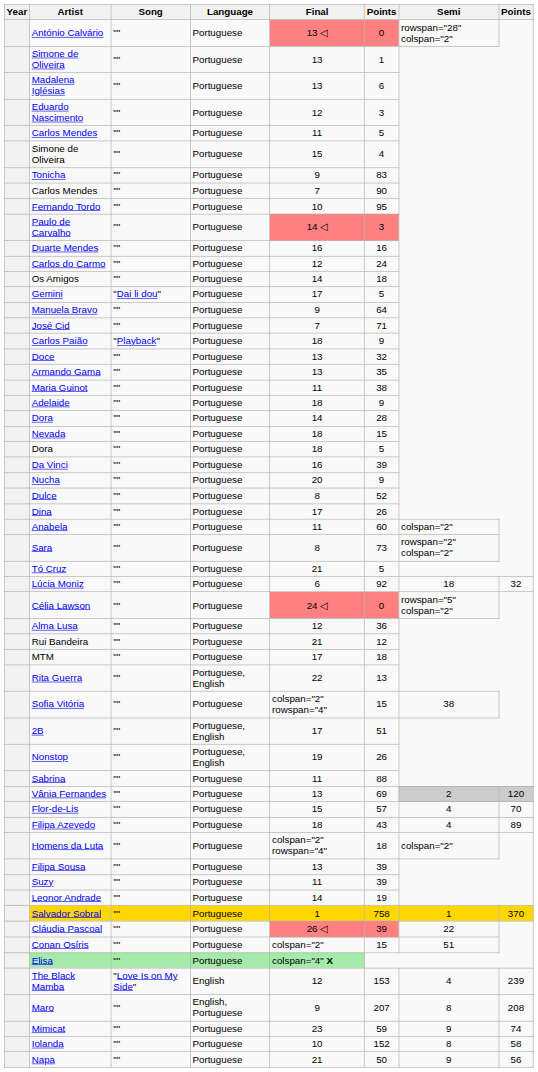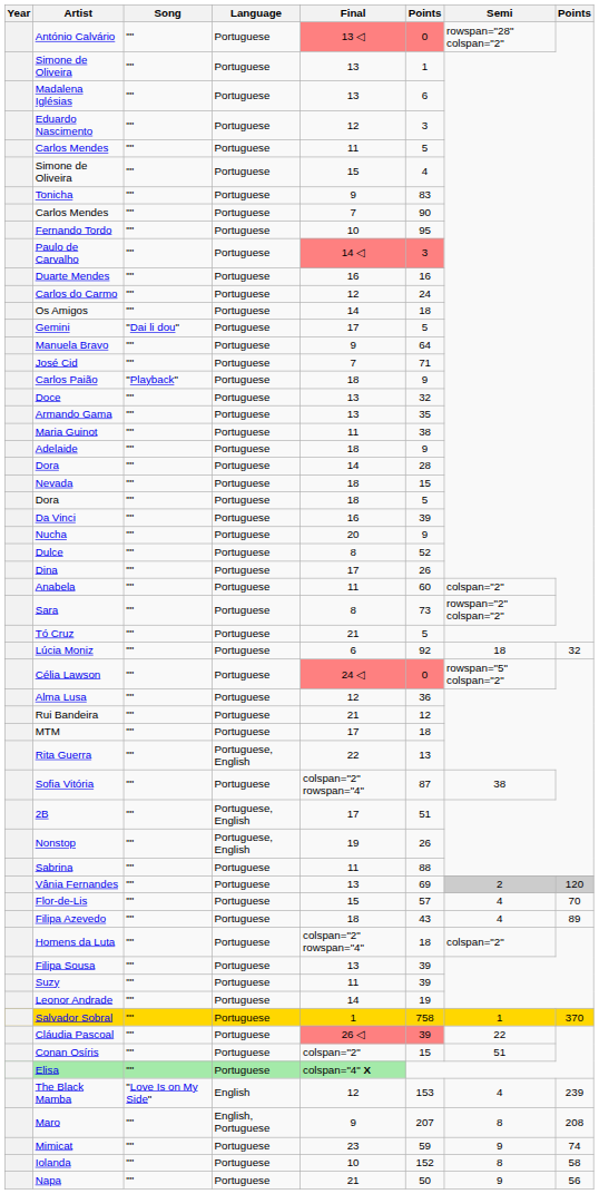 <table class="wikitable sortable plainrowheaders">
 <tr>
 <th scope="col">Year</th>
 <th scope="col">Artist</th>
 <th scope="col">Song</th>
 <th scope="col">Language</th>
 <th scope="col" data-sort-type="number">Final</th>
 <th scope="col" data-sort-type="number">Points</th>
 <th scope="col" data-sort-type="number">Semi</th>
 <th scope="col" data-sort-type="number">Points</th>
 </tr>
 <tr>
 <th scope="row" style="text-align:center;"></th>
 <td><a href='#'>António Calvário</a></td>
 <td>""</td>
 <td>Portuguese</td>
 <td style="text-align:center; background-color:#FE8080;">13 ◁</td>
 <td style="text-align:center; background-color:#FE8080;">0</td>
 <td>rowspan="28" colspan="2" </td>
 </tr>
 <tr>
 <th scope="row" style="text-align:center;"></th>
 <td><a href='#'>Simone de Oliveira</a></td>
 <td>""</td>
 <td>Portuguese</td>
 <td style="text-align:center;">13</td>
 <td style="text-align:center;">1</td>
 </tr>
 <tr>
 <th scope="row" style="text-align:center;"></th>
 <td><a href='#'>Madalena Iglésias</a></td>
 <td>""</td>
 <td>Portuguese</td>
 <td style="text-align:center;">13</td>
 <td style="text-align:center;">6</td>
 </tr>
 <tr>
 <th scope="row" style="text-align:center;"></th>
 <td><a href='#'>Eduardo Nascimento</a></td>
 <td>""</td>
 <td>Portuguese</td>
 <td style="text-align:center;">12</td>
 <td style="text-align:center;">3</td>
 </tr>
 <tr>
 <th scope="row" style="text-align:center;"></th>
 <td><a href='#'>Carlos Mendes</a></td>
 <td>""</td>
 <td>Portuguese</td>
 <td style="text-align:center;">11</td>
 <td style="text-align:center;">5</td>
 </tr>
 <tr>
 <th scope="row" style="text-align:center;"></th>
 <td>Simone de Oliveira</td>
 <td>""</td>
 <td>Portuguese</td>
 <td style="text-align:center;">15</td>
 <td style="text-align:center;">4</td>
 </tr>
 <tr>
 <th scope="row" style="text-align:center;"></th>
 <td><a href='#'>Tonicha</a></td>
 <td>""</td>
 <td>Portuguese</td>
 <td style="text-align:center;">9</td>
 <td style="text-align:center;">83</td>
 </tr>
 <tr>
 <th scope="row" style="text-align:center;"></th>
 <td>Carlos Mendes</td>
 <td>""</td>
 <td>Portuguese</td>
 <td style="text-align:center;">7</td>
 <td style="text-align:center;">90</td>
 </tr>
 <tr>
 <th scope="row" style="text-align:center;"></th>
 <td><a href='#'>Fernando Tordo</a></td>
 <td>""</td>
 <td>Portuguese</td>
 <td style="text-align:center;">10</td>
 <td style="text-align:center;">95</td>
 </tr>
 <tr>
 <th scope="row" style="text-align:center;"></th>
 <td><a href='#'>Paulo de Carvalho</a></td>
 <td>""</td>
 <td>Portuguese</td>
 <td style="text-align:center; background-color:#FE8080;">14 ◁</td>
 <td style="text-align:center; background-color:#FE8080;">3</td>
 </tr>
 <tr>
 <th scope="row" style="text-align:center;"></th>
 <td><a href='#'>Duarte Mendes</a></td>
 <td>""</td>
 <td>Portuguese</td>
 <td style="text-align:center;">16</td>
 <td style="text-align:center;">16</td>
 </tr>
 <tr>
 <th scope="row" style="text-align:center;"></th>
 <td><a href='#'>Carlos do Carmo</a></td>
 <td>""</td>
 <td>Portuguese</td>
 <td style="text-align:center;">12</td>
 <td style="text-align:center;">24</td>
 </tr>
 <tr>
 <th scope="row" style="text-align:center;"></th>
 <td>Os Amigos</td>
 <td>""</td>
 <td>Portuguese</td>
 <td style="text-align:center;">14</td>
 <td style="text-align:center;">18</td>
 </tr>
 <tr>
 <th scope="row" style="text-align:center;"></th>
 <td><a href='#'>Gemini</a></td>
 <td>"<a href='#'>Dai li dou</a>"</td>
 <td>Portuguese</td>
 <td style="text-align:center;">17</td>
 <td style="text-align:center;">5</td>
 </tr>
 <tr>
 <th scope="row" style="text-align:center;"></th>
 <td><a href='#'>Manuela Bravo</a></td>
 <td>""</td>
 <td>Portuguese</td>
 <td style="text-align:center;">9</td>
 <td style="text-align:center;">64</td>
 </tr>
 <tr>
 <th scope="row" style="text-align:center;"></th>
 <td><a href='#'>José Cid</a></td>
 <td>""</td>
 <td>Portuguese</td>
 <td style="text-align:center;">7</td>
 <td style="text-align:center;">71</td>
 </tr>
 <tr>
 <th scope="row" style="text-align:center;"></th>
 <td><a href='#'>Carlos Paião</a></td>
 <td>"<a href='#'>Playback</a>"</td>
 <td>Portuguese</td>
 <td style="text-align:center;">18</td>
 <td style="text-align:center;">9</td>
 </tr>
 <tr>
 <th scope="row" style="text-align:center;"></th>
 <td><a href='#'>Doce</a></td>
 <td>""</td>
 <td>Portuguese</td>
 <td style="text-align:center;">13</td>
 <td style="text-align:center;">32</td>
 </tr>
 <tr>
 <th scope="row" style="text-align:center;"></th>
 <td><a href='#'>Armando Gama</a></td>
 <td>""</td>
 <td>Portuguese</td>
 <td style="text-align:center;">13</td>
 <td style="text-align:center;">35</td>
 </tr>
 <tr>
 <th scope="row" style="text-align:center;"></th>
 <td><a href='#'>Maria Guinot</a></td>
 <td>""</td>
 <td>Portuguese</td>
 <td style="text-align:center;">11</td>
 <td style="text-align:center;">38</td>
 </tr>
 <tr>
 <th scope="row" style="text-align:center;"></th>
 <td><a href='#'>Adelaide</a></td>
 <td>""</td>
 <td>Portuguese</td>
 <td style="text-align:center;">18</td>
 <td style="text-align:center;">9</td>
 </tr>
 <tr>
 <th scope="row" style="text-align:center;"></th>
 <td><a href='#'>Dora</a></td>
 <td>""</td>
 <td>Portuguese</td>
 <td style="text-align:center;">14</td>
 <td style="text-align:center;">28</td>
 </tr>
 <tr>
 <th scope="row" style="text-align:center;"></th>
 <td><a href='#'>Nevada</a></td>
 <td>""</td>
 <td>Portuguese</td>
 <td style="text-align:center;">18</td>
 <td style="text-align:center;">15</td>
 </tr>
 <tr>
 <th scope="row" style="text-align:center;"></th>
 <td>Dora</td>
 <td>""</td>
 <td>Portuguese</td>
 <td style="text-align:center;">18</td>
 <td style="text-align:center;">5</td>
 </tr>
 <tr>
 <th scope="row" style="text-align:center;"></th>
 <td><a href='#'>Da Vinci</a></td>
 <td>""</td>
 <td>Portuguese</td>
 <td style="text-align:center;">16</td>
 <td style="text-align:center;">39</td>
 </tr>
 <tr>
 <th scope="row" style="text-align:center;"></th>
 <td><a href='#'>Nucha</a></td>
 <td>""</td>
 <td>Portuguese</td>
 <td style="text-align:center;">20</td>
 <td style="text-align:center;">9</td>
 </tr>
 <tr>
 <th scope="row" style="text-align:center;"></th>
 <td><a href='#'>Dulce</a></td>
 <td>""</td>
 <td>Portuguese</td>
 <td style="text-align:center;">8</td>
 <td style="text-align:center;">52</td>
 </tr>
 <tr>
 <th scope="row" style="text-align:center;"></th>
 <td><a href='#'>Dina</a></td>
 <td>""</td>
 <td>Portuguese</td>
 <td style="text-align:center;">17</td>
 <td style="text-align:center;">26</td>
 </tr>
 <tr>
 <th scope="row" style="text-align:center;"></th>
 <td><a href='#'>Anabela</a></td>
 <td>""</td>
 <td>Portuguese</td>
 <td style="text-align:center;">11</td>
 <td style="text-align:center;">60</td>
 <td>colspan="2" </td>
 </tr>
 <tr>
 <th scope="row" style="text-align:center;"></th>
 <td><a href='#'>Sara</a></td>
 <td>""</td>
 <td>Portuguese</td>
 <td style="text-align:center;">8</td>
 <td style="text-align:center;">73</td>
 <td>rowspan="2" colspan="2" </td>
 </tr>
 <tr>
 <th scope="row" style="text-align:center;"></th>
 <td><a href='#'>Tó Cruz</a></td>
 <td>""</td>
 <td>Portuguese</td>
 <td style="text-align:center;">21</td>
 <td style="text-align:center;">5</td>
 </tr>
 <tr>
 <th scope="row" style="text-align:center;"></th>
 <td><a href='#'>Lúcia Moniz</a></td>
 <td>""</td>
 <td>Portuguese</td>
 <td style="text-align:center;">6</td>
 <td style="text-align:center;">92</td>
 <td style="text-align:center;">18</td>
 <td style="text-align:center;">32</td>
 </tr>
 <tr>
 <th scope="row" style="text-align:center;"></th>
 <td><a href='#'>Célia Lawson</a></td>
 <td>""</td>
 <td>Portuguese</td>
 <td style="text-align:center; background-color:#FE8080;">24 ◁</td>
 <td style="text-align:center; background-color:#FE8080;">0</td>
 <td>rowspan="5" colspan="2" </td>
 </tr>
 <tr>
 <th scope="row" style="text-align:center;"></th>
 <td><a href='#'>Alma Lusa</a></td>
 <td>""</td>
 <td>Portuguese</td>
 <td style="text-align:center;">12</td>
 <td style="text-align:center;">36</td>
 </tr>
 <tr>
 <th scope="row" style="text-align:center;"></th>
 <td>Rui Bandeira</td>
 <td>""</td>
 <td>Portuguese</td>
 <td style="text-align:center;">21</td>
 <td style="text-align:center;">12</td>
 </tr>
 <tr>
 <th scope="row" style="text-align:center;"></th>
 <td>MTM</td>
 <td>""</td>
 <td>Portuguese</td>
 <td style="text-align:center;">17</td>
 <td style="text-align:center;">18</td>
 </tr>
 <tr>
 <th scope="row" style="text-align:center;"></th>
 <td><a href='#'>Rita Guerra</a></td>
 <td>""</td>
 <td>Portuguese, English</td>
 <td style="text-align:center;">22</td>
 <td style="text-align:center;">13</td>
 </tr>
 <tr>
 <th scope="row" style="text-align:center;"></th>
 <td><a href='#'>Sofia Vitória</a></td>
 <td>""</td>
 <td>Portuguese</td>
 <td>colspan="2" rowspan="4" </td>
-<td style="text-align:center;">15</td>
+<td style="text-align:center;">87</td>
 <td style="text-align:center;">38</td>
 </tr>
 <tr>
 <th scope="row" style="text-align:center;"></th>
 <td><a href='#'>2B</a></td>
 <td>""</td>
 <td>Portuguese, English</td>
 <td style="text-align:center;">17</td>
 <td style="text-align:center;">51</td>
 </tr>
 <tr>
 <th scope="row" style="text-align:center;"></th>
 <td><a href='#'>Nonstop</a></td>
 <td>""</td>
 <td>Portuguese, English</td>
 <td style="text-align:center;">19</td>
 <td style="text-align:center;">26</td>
 </tr>
 <tr>
 <th scope="row" style="text-align:center;"></th>
 <td><a href='#'>Sabrina</a></td>
 <td>""</td>
 <td>Portuguese</td>
 <td style="text-align:center;">11</td>
 <td style="text-align:center;">88</td>
 </tr>
 <tr>
 <th scope="row" style="text-align:center;"></th>
 <td><a href='#'>Vânia Fernandes</a></td>
 <td>""</td>
 <td>Portuguese</td>
 <td style="text-align:center;">13</td>
 <td style="text-align:center;">69</td>
 <td style="text-align:center; background-color:#CCC;">2</td>
 <td style="text-align:center; background-color:#CCC;">120</td>
 </tr>
 <tr>
 <th scope="row" style="text-align:center;"></th>
 <td><a href='#'>Flor-de-Lis</a></td>
 <td>""</td>
 <td>Portuguese</td>
 <td style="text-align:center;">15</td>
 <td style="text-align:center;">57</td>
 <td style="text-align:center;">4</td>
 <td style="text-align:center;">70</td>
 </tr>
 <tr>
 <th scope="row" style="text-align:center;"></th>
 <td><a href='#'>Filipa Azevedo</a></td>
 <td>""</td>
 <td>Portuguese</td>
 <td style="text-align:center;">18</td>
 <td style="text-align:center;">43</td>
 <td style="text-align:center;">4</td>
 <td style="text-align:center;">89</td>
 </tr>
 <tr>
 <th scope="row" style="text-align:center;"></th>
 <td><a href='#'>Homens da Luta</a></td>
 <td>""</td>
 <td>Portuguese</td>
 <td>colspan="2" rowspan="4" </td>
 <td style="text-align:center;">18</td>
 <td>colspan="2" </td>
 </tr>
 <tr>
 <th scope="row" style="text-align:center;"></th>
 <td><a href='#'>Filipa Sousa</a></td>
 <td>""</td>
 <td>Portuguese</td>
 <td style="text-align:center;">13</td>
 <td style="text-align:center;">39</td>
 </tr>
 <tr>
 <th scope="row" style="text-align:center;"></th>
 <td><a href='#'>Suzy</a></td>
 <td>""</td>
 <td>Portuguese</td>
 <td style="text-align:center;">11</td>
 <td style="text-align:center;">39</td>
 </tr>
 <tr>
 <th scope="row" style="text-align:center;"></th>
 <td><a href='#'>Leonor Andrade</a></td>
 <td>""</td>
 <td>Portuguese</td>
 <td style="text-align:center;">14</td>
 <td style="text-align:center;">19</td>
 </tr>
 <tr style="background-color:#FFD700;">
 <th scope="row" style="text-align:center;"></th>
 <td><a href='#'>Salvador Sobral</a></td>
 <td>""</td>
 <td>Portuguese</td>
 <td style="text-align:center;">1</td>
 <td style="text-align:center;">758</td>
 <td style="text-align:center;">1</td>
 <td style="text-align:center;">370</td>
 </tr>
 <tr>
 <th scope="row" style="text-align:center;"></th>
 <td><a href='#'>Cláudia Pascoal</a></td>
 <td>""</td>
 <td>Portuguese</td>
 <td style="text-align:center; background-color:#FE8080;">26 ◁</td>
 <td style="text-align:center; background-color:#FE8080;">39</td>
 <td style="text-align:center;">22</td>
 </tr>
 <tr>
 <th scope="row" style="text-align:center;"></th>
 <td><a href='#'>Conan Osíris</a></td>
 <td>""</td>
 <td>Portuguese</td>
 <td>colspan="2" </td>
 <td style="text-align:center;">15</td>
 <td style="text-align:center;">51</td>
 </tr>
 <tr style="background-color:#A4EAA9;">
 <th scope="row" style="text-align:center;"></th>
 <td><a href='#'>Elisa</a></td>
 <td>""</td>
 <td>Portuguese</td>
 <td>colspan="4"  <strong>X</strong></td>
 </tr>
 <tr>
 <th scope="row" style="text-align:center;"></th>
 <td><a href='#'>The Black Mamba</a></td>
 <td>"<a href='#'>Love Is on My Side</a>"</td>
 <td>English</td>
 <td style="text-align:center;">12</td>
 <td style="text-align:center;">153</td>
 <td style="text-align:center;">4</td>
 <td style="text-align:center;">239</td>
 </tr>
 <tr>
 <th scope="row" style="text-align:center;"></th>
 <td><a href='#'>Maro</a></td>
 <td>""</td>
 <td>English, Portuguese</td>
 <td style="text-align:center;">9</td>
 <td style="text-align:center;">207</td>
 <td style="text-align:center;">8</td>
 <td style="text-align:center;">208</td>
 </tr>
 <tr>
 <th scope="row" style="text-align:center;"></th>
 <td><a href='#'>Mimicat</a></td>
 <td>""</td>
 <td>Portuguese</td>
 <td style="text-align:center;">23</td>
 <td style="text-align:center;">59</td>
 <td style="text-align:center;">9</td>
 <td style="text-align:center;">74</td>
 </tr>
 <tr>
 <th scope="row" style="text-align:center;"></th>
 <td><a href='#'>Iolanda</a></td>
 <td>""</td>
 <td>Portuguese</td>
 <td style="text-align:center;">10</td>
 <td style="text-align:center;">152</td>
 <td style="text-align:center;">8</td>
 <td style="text-align:center;">58</td>
 </tr>
 <tr>
 <th scope="row" style="text-align:center;"></th>
 <td><a href='#'>Napa</a></td>
 <td>""</td>
 <td>Portuguese</td>
 <td style="text-align:center;">21</td>
 <td style="text-align:center;">50</td>
 <td style="text-align:center;">9</td>
 <td style="text-align:center;">56</td>
 </tr>
 </table>
